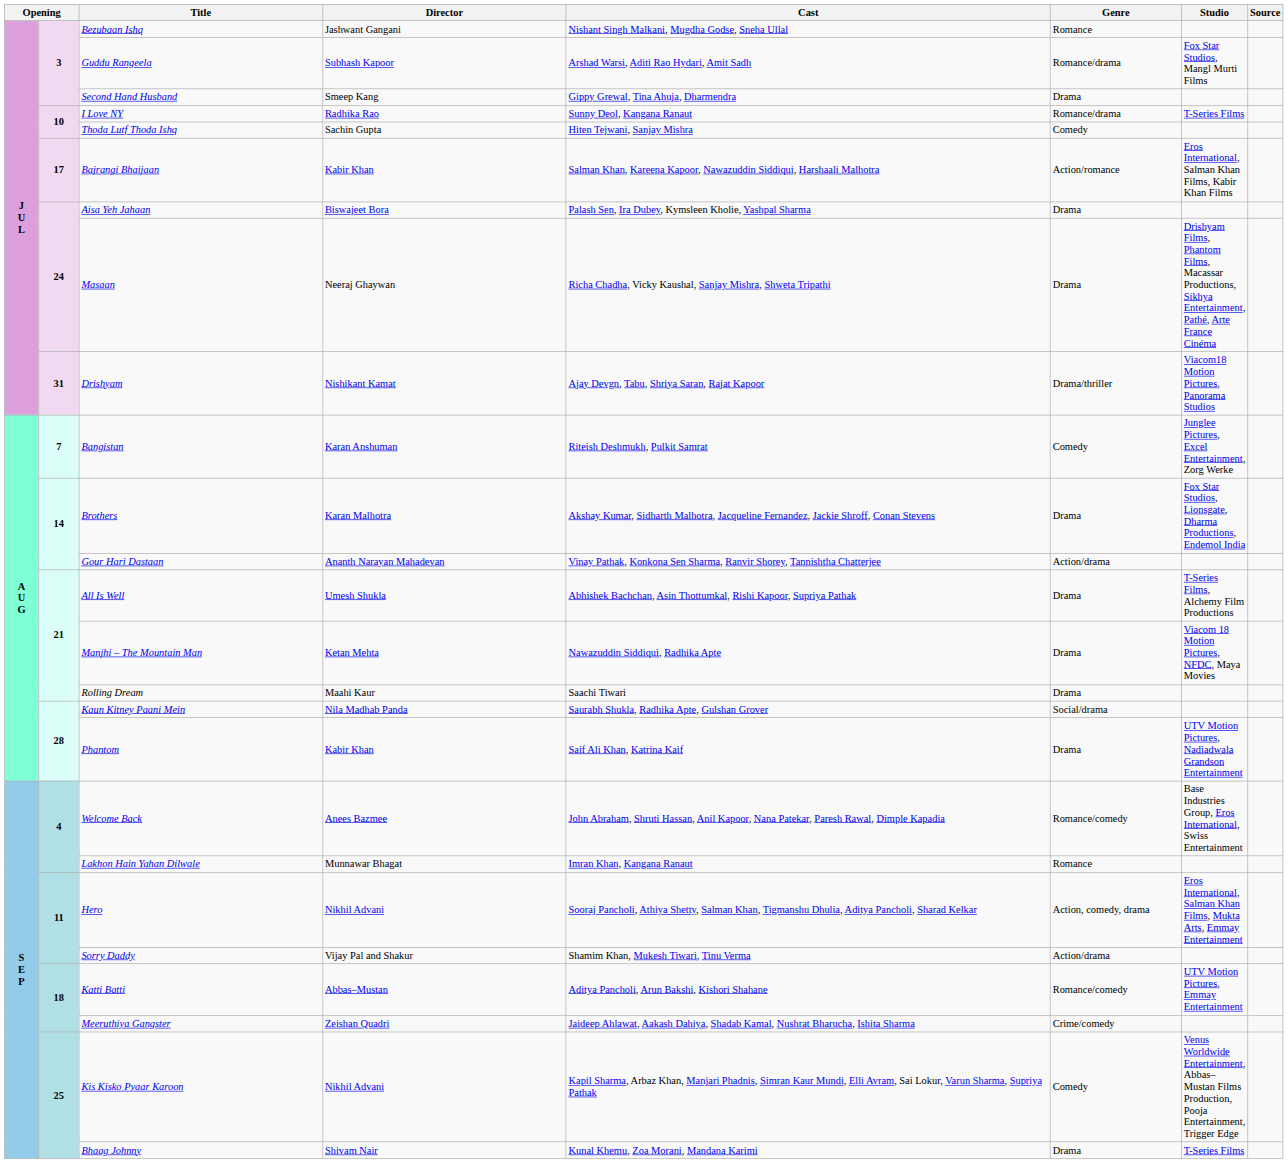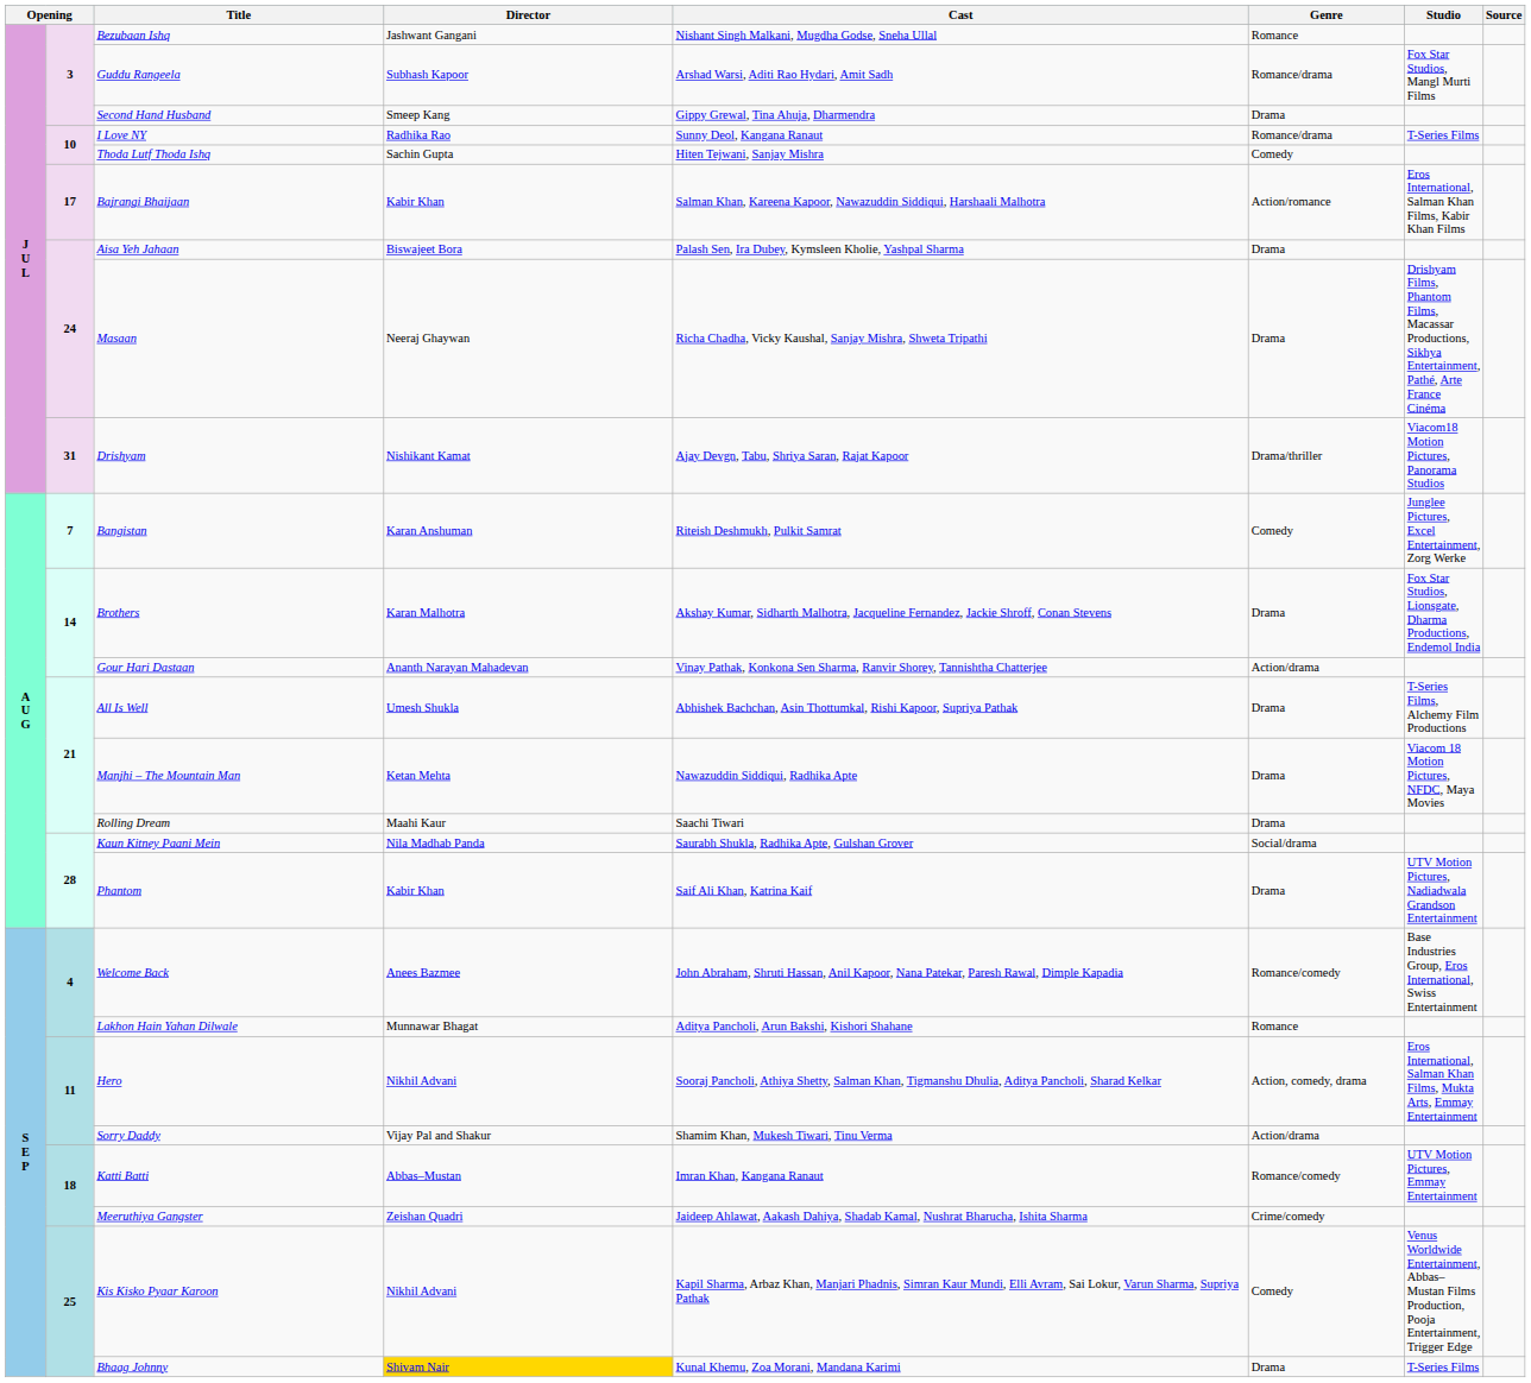 <table class="wikitable">
 <tr style="background:#b0e0e6; text-align:center;">
 <th colspan="2" style="width:6%;"><strong>Opening</strong></th>
 <th style="width:20%;"><strong>Title</strong></th>
 <th style="width:20%;"><strong>Director</strong></th>
 <th style="width:40%;"><strong>Cast</strong></th>
 <th style="width:10.5%;"><strong>Genre</strong></th>
 <th>Studio</th>
 <th>Source</th>
 </tr>
 <tr>
 <td rowspan="9" style="text-align:center; background:plum; textcolor:#000;"><strong>J<br>U<br>L</strong></td>
 <td rowspan="3" style="text-align:center;background:#f1daf1;"><strong>3</strong></td>
 <td><em><a href='#'>Bezubaan Ishq</a></em></td>
 <td>Jashwant Gangani</td>
 <td><a href='#'>Nishant Singh Malkani</a>, <a href='#'>Mugdha Godse</a>, <a href='#'>Sneha Ullal</a></td>
 <td>Romance</td>
 <td></td>
 <td></td>
 </tr>
 <tr>
 <td><em><a href='#'>Guddu Rangeela</a></em></td>
 <td><a href='#'>Subhash Kapoor</a></td>
 <td><a href='#'>Arshad Warsi</a>, <a href='#'>Aditi Rao Hydari</a>, <a href='#'>Amit Sadh</a></td>
 <td>Romance/drama</td>
 <td><a href='#'>Fox Star Studios</a>, Mangl Murti Films</td>
 <td></td>
 </tr>
 <tr>
 <td><em><a href='#'>Second Hand Husband</a></em></td>
 <td>Smeep Kang</td>
 <td><a href='#'>Gippy Grewal</a>, <a href='#'>Tina Ahuja</a>, <a href='#'>Dharmendra</a></td>
 <td>Drama</td>
 <td></td>
 <td></td>
 </tr>
 <tr>
 <td rowspan="2" style="text-align:center;background:#f1daf1;"><strong>10</strong></td>
 <td><em><a href='#'>I Love NY</a></em></td>
 <td><a href='#'>Radhika Rao</a></td>
 <td><a href='#'>Sunny Deol</a>, <a href='#'>Kangana Ranaut</a></td>
 <td>Romance/drama</td>
 <td><a href='#'>T-Series Films</a></td>
 <td></td>
 </tr>
 <tr>
 <td><em><a href='#'>Thoda Lutf Thoda Ishq</a></em></td>
 <td>Sachin Gupta</td>
 <td><a href='#'>Hiten Tejwani</a>, <a href='#'>Sanjay Mishra</a></td>
 <td>Comedy</td>
 <td></td>
 <td></td>
 </tr>
 <tr>
 <td rowspan="1" style="text-align:center;background:#f1daf1;"><strong>17</strong></td>
 <td><em><a href='#'>Bajrangi Bhaijaan</a></em></td>
 <td><a href='#'>Kabir Khan</a></td>
 <td><a href='#'>Salman Khan</a>, <a href='#'>Kareena Kapoor</a>, <a href='#'>Nawazuddin Siddiqui</a>, <a href='#'>Harshaali Malhotra</a></td>
 <td>Action/romance</td>
 <td><a href='#'>Eros International</a>, Salman Khan Films, Kabir Khan Films</td>
 <td></td>
 </tr>
 <tr>
 <td rowspan="2" style="text-align:center;background:#f1daf1;"><strong>24</strong></td>
 <td><em><a href='#'>Aisa Yeh Jahaan</a></em></td>
 <td><a href='#'>Biswajeet Bora</a></td>
 <td><a href='#'>Palash Sen</a>, <a href='#'>Ira Dubey</a>, Kymsleen Kholie, <a href='#'>Yashpal Sharma</a></td>
 <td>Drama</td>
 <td></td>
 <td></td>
 </tr>
 <tr>
 <td><em><a href='#'>Masaan</a></em></td>
 <td>Neeraj Ghaywan</td>
 <td><a href='#'>Richa Chadha</a>, Vicky Kaushal, <a href='#'>Sanjay Mishra</a>, <a href='#'>Shweta Tripathi</a></td>
 <td>Drama</td>
 <td><a href='#'>Drishyam Films</a>, <a href='#'>Phantom Films</a>, Macassar Productions, <a href='#'>Sikhya Entertainment</a>, <a href='#'>Pathé</a>, <a href='#'>Arte France Cinéma</a></td>
 <td></td>
 </tr>
 <tr>
 <td rowspan="1" style="text-align:center;background:#f1daf1;"><strong>31</strong></td>
 <td><em><a href='#'>Drishyam</a></em></td>
 <td><a href='#'>Nishikant Kamat</a></td>
 <td><a href='#'>Ajay Devgn</a>, <a href='#'>Tabu</a>, <a href='#'>Shriya Saran</a>, <a href='#'>Rajat Kapoor</a></td>
 <td>Drama/thriller</td>
 <td><a href='#'>Viacom18 Motion Pictures</a>, <a href='#'>Panorama Studios</a></td>
 <td></td>
 </tr>
 <tr August>
 <td rowspan="8" style="text-align:center; background:#7FFFD4; textcolor:#000;"><strong>A<br>U<br>G</strong></td>
 <td rowspan="1" style="text-align:center;background:#DBFFF8;"><strong>7</strong></td>
 <td><em><a href='#'>Bangistan</a></em></td>
 <td><a href='#'>Karan Anshuman</a></td>
 <td><a href='#'>Riteish Deshmukh</a>, <a href='#'>Pulkit Samrat</a></td>
 <td>Comedy</td>
 <td><a href='#'>Junglee Pictures</a>, <a href='#'>Excel Entertainment</a>, Zorg Werke</td>
 <td></td>
 </tr>
 <tr>
 <td rowspan="2" style="text-align:center;background:#DBFFF8;"><strong>14</strong></td>
 <td><em><a href='#'>Brothers</a></em></td>
 <td><a href='#'>Karan Malhotra</a></td>
 <td><a href='#'>Akshay Kumar</a>, <a href='#'>Sidharth Malhotra</a>, <a href='#'>Jacqueline Fernandez</a>, <a href='#'>Jackie Shroff</a>, <a href='#'>Conan Stevens</a></td>
 <td>Drama</td>
 <td><a href='#'>Fox Star Studios</a>, <a href='#'>Lionsgate</a>, <a href='#'>Dharma Productions</a>, <a href='#'>Endemol India</a></td>
 <td></td>
 </tr>
 <tr>
 <td><em><a href='#'>Gour Hari Dastaan</a></em></td>
 <td><a href='#'>Ananth Narayan Mahadevan</a></td>
 <td><a href='#'>Vinay Pathak</a>, <a href='#'>Konkona Sen Sharma</a>, <a href='#'>Ranvir Shorey</a>, <a href='#'>Tannishtha Chatterjee</a></td>
 <td>Action/drama</td>
 <td></td>
 <td></td>
 </tr>
 <tr>
 <td rowspan="3" style="text-align:center;background:#DBFFF8;"><strong>21</strong></td>
 <td><em><a href='#'>All Is Well</a></em></td>
 <td><a href='#'>Umesh Shukla</a></td>
 <td><a href='#'>Abhishek Bachchan</a>, <a href='#'>Asin Thottumkal</a>, <a href='#'>Rishi Kapoor</a>, <a href='#'>Supriya Pathak</a></td>
 <td>Drama</td>
 <td><a href='#'>T-Series Films</a>, Alchemy Film Productions</td>
 <td></td>
 </tr>
 <tr>
 <td><em><a href='#'>Manjhi – The Mountain Man</a></em></td>
 <td><a href='#'>Ketan Mehta</a></td>
 <td><a href='#'>Nawazuddin Siddiqui</a>, <a href='#'>Radhika Apte</a></td>
 <td>Drama</td>
 <td><a href='#'>Viacom 18 Motion Pictures</a>, <a href='#'>NFDC</a>, Maya Movies</td>
 <td></td>
 </tr>
 <tr>
 <td><em>Rolling Dream</em></td>
 <td>Maahi Kaur</td>
 <td>Saachi Tiwari</td>
 <td>Drama</td>
 <td></td>
 <td></td>
 </tr>
 <tr>
 <td rowspan="2" style="text-align:center;background:#DBFFF8;"><strong>28</strong></td>
 <td><em><a href='#'>Kaun Kitney Paani Mein</a></em></td>
 <td><a href='#'>Nila Madhab Panda</a></td>
 <td><a href='#'>Saurabh Shukla</a>, <a href='#'>Radhika Apte</a>, <a href='#'>Gulshan Grover</a></td>
 <td>Social/drama</td>
 <td></td>
 <td></td>
 </tr>
 <tr>
 <td><em><a href='#'>Phantom</a></em></td>
 <td><a href='#'>Kabir Khan</a></td>
 <td><a href='#'>Saif Ali Khan</a>, <a href='#'>Katrina Kaif</a></td>
 <td>Drama</td>
 <td><a href='#'>UTV Motion Pictures</a>, <a href='#'>Nadiadwala Grandson Entertainment</a></td>
 <td></td>
 </tr>
 <tr September>
 <td rowspan="10" style="text-align:center; background:#93CCEA; textcolor:#000;"><strong>S<br>E<br>P</strong></td>
 <td rowspan="2" style="text-align:center;background:#B0E0E6;"><strong>4</strong></td>
 <td><em><a href='#'>Welcome Back</a></em></td>
 <td><a href='#'>Anees Bazmee</a></td>
 <td><a href='#'>John Abraham</a>, <a href='#'>Shruti Hassan</a>, <a href='#'>Anil Kapoor</a>, <a href='#'>Nana Patekar</a>, <a href='#'>Paresh Rawal</a>, <a href='#'>Dimple Kapadia</a></td>
 <td>Romance/comedy</td>
 <td>Base Industries Group, <a href='#'>Eros International</a>, Swiss Entertainment</td>
 <td></td>
 </tr>
 <tr>
 <td><em><a href='#'>Lakhon Hain Yahan Dilwale</a></em></td>
 <td>Munnawar Bhagat</td>
-<td><a href='#'>Imran Khan</a>, <a href='#'>Kangana Ranaut</a></td>
+<td><a href='#'>Aditya Pancholi</a>, <a href='#'>Arun Bakshi</a>, <a href='#'>Kishori Shahane</a></td>
 <td>Romance</td>
 <td></td>
 <td></td>
 </tr>
 <tr>
 <td rowspan="2" style="text-align:center;background:#B0E0E6;"><strong>11</strong></td>
 <td><em><a href='#'>Hero</a></em></td>
 <td><a href='#'>Nikhil Advani</a></td>
 <td><a href='#'>Sooraj Pancholi</a>, <a href='#'>Athiya Shetty</a>, <a href='#'>Salman Khan</a>, <a href='#'>Tigmanshu Dhulia</a>, <a href='#'>Aditya Pancholi</a>, <a href='#'>Sharad Kelkar</a></td>
 <td>Action, comedy, drama</td>
 <td><a href='#'>Eros International</a>, <a href='#'>Salman Khan Films</a>, <a href='#'>Mukta Arts</a>, <a href='#'>Emmay Entertainment</a></td>
 <td></td>
 </tr>
 <tr>
 <td><em><a href='#'>Sorry Daddy</a></em></td>
 <td>Vijay Pal and Shakur</td>
 <td>Shamim Khan, <a href='#'>Mukesh Tiwari</a>, <a href='#'>Tinu Verma</a></td>
 <td>Action/drama</td>
 <td></td>
 <td></td>
 </tr>
 <tr>
 <td rowspan="2" style="text-align:center;background:#B0E0E6;"><strong>18</strong></td>
 <td><em><a href='#'>Katti Batti</a></em></td>
 <td><a href='#'>Abbas–Mustan</a></td>
-<td><a href='#'>Aditya Pancholi</a>, <a href='#'>Arun Bakshi</a>, <a href='#'>Kishori Shahane</a></td>
+<td><a href='#'>Imran Khan</a>, <a href='#'>Kangana Ranaut</a></td>
 <td>Romance/comedy</td>
 <td><a href='#'>UTV Motion Pictures</a>, <a href='#'>Emmay Entertainment</a></td>
 <td></td>
 </tr>
 <tr>
 <td><em><a href='#'>Meeruthiya Gangster</a></em></td>
 <td><a href='#'>Zeishan Quadri</a></td>
 <td><a href='#'>Jaideep Ahlawat</a>, <a href='#'>Aakash Dahiya</a>, <a href='#'>Shadab Kamal</a>, <a href='#'>Nushrat Bharucha</a>, <a href='#'>Ishita Sharma</a></td>
 <td>Crime/comedy</td>
 <td></td>
 <td></td>
 </tr>
 <tr>
 <td rowspan="4" style="text-align:center;background:#B0E0E6;"><strong>25</strong></td>
 <td><em><a href='#'>Kis Kisko Pyaar Karoon</a></em></td>
 <td><a href='#'>Nikhil Advani</a></td>
 <td><a href='#'>Kapil Sharma</a>, Arbaz Khan, <a href='#'>Manjari Phadnis</a>, <a href='#'>Simran Kaur Mundi</a>, <a href='#'>Elli Avram</a>, Sai Lokur, <a href='#'>Varun Sharma</a>, <a href='#'>Supriya Pathak</a></td>
 <td>Comedy</td>
 <td><a href='#'>Venus Worldwide Entertainment</a>, Abbas–Mustan Films Production, Pooja Entertainment, Trigger Edge</td>
 <td></td>
 </tr>
 <tr>
 <td><em><a href='#'>Bhaag Johnny</a></em></td>
-<td><a href='#'>Shivam Nair</a></td>
+<td style="background: gold;"><a href='#'>Shivam Nair</a></td>
 <td><a href='#'>Kunal Khemu</a>, <a href='#'>Zoa Morani</a>, <a href='#'>Mandana Karimi</a></td>
 <td>Drama</td>
 <td><a href='#'>T-Series Films</a></td>
 <td></td>
 </tr>
 </table>
